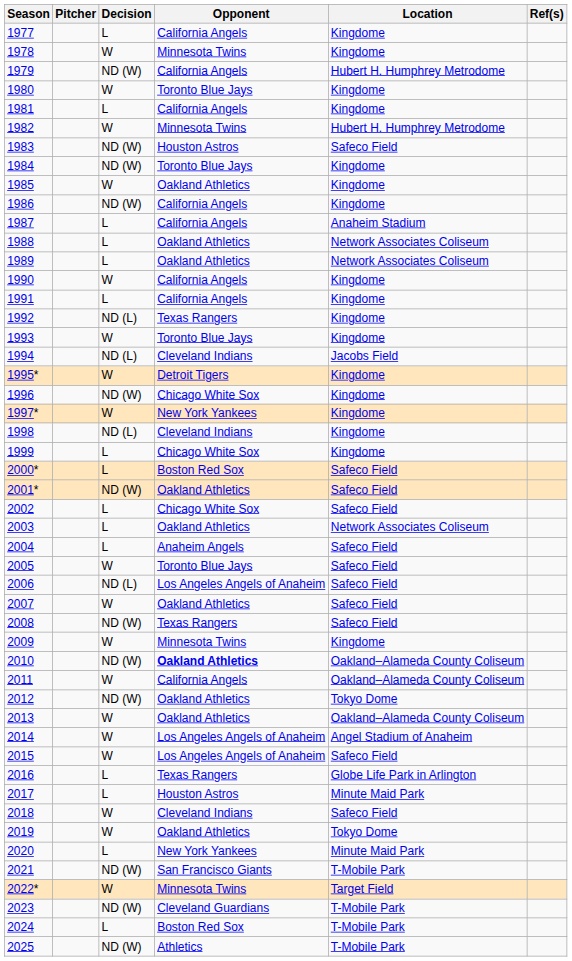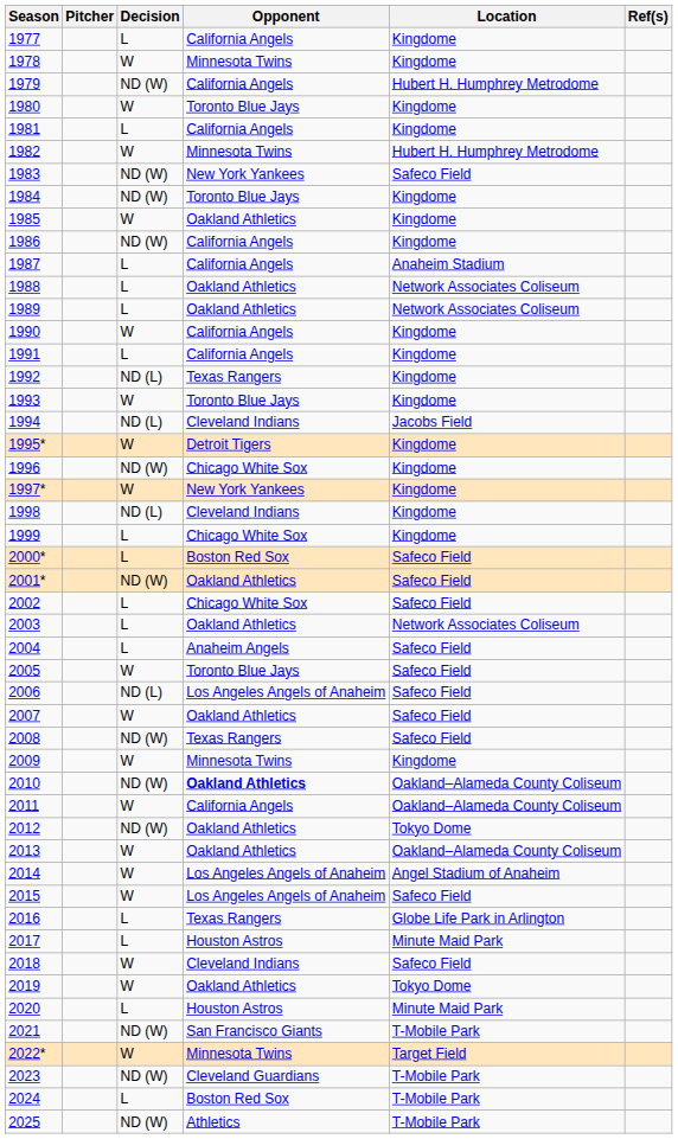 <table class="wikitable sortable plainrowheaders">
 <tr>
 <th scope="col">Season</th>
 <th scope="col">Pitcher</th>
 <th scope="col">Decision</th>
 <th scope="col">Opponent</th>
 <th scope="col">Location</th>
 <th class="unsortable">Ref(s)</th>
 </tr>
 <tr>
 <td><a href='#'>1977</a></td>
 <td></td>
 <td>L</td>
 <td><a href='#'>California Angels</a></td>
 <td><a href='#'>Kingdome</a></td>
 <td align="center"></td>
 </tr>
 <tr>
 <td><a href='#'>1978</a></td>
 <td></td>
 <td>W</td>
 <td><a href='#'>Minnesota Twins</a></td>
 <td><a href='#'>Kingdome</a></td>
 <td align="center"></td>
 </tr>
 <tr>
 <td><a href='#'>1979</a></td>
 <td> </td>
 <td>ND (W)</td>
 <td><a href='#'>California Angels</a></td>
 <td><a href='#'>Hubert H. Humphrey Metrodome</a></td>
 <td align="center"></td>
 </tr>
 <tr>
 <td><a href='#'>1980</a></td>
 <td></td>
 <td>W</td>
 <td><a href='#'>Toronto Blue Jays</a></td>
 <td><a href='#'>Kingdome</a></td>
 <td align="center"></td>
 </tr>
 <tr>
 <td><a href='#'>1981</a></td>
 <td> </td>
 <td>L</td>
 <td><a href='#'>California Angels</a></td>
 <td><a href='#'>Kingdome</a></td>
 <td align="center"></td>
 </tr>
 <tr>
 <td><a href='#'>1982</a></td>
 <td></td>
 <td>W</td>
 <td><a href='#'>Minnesota Twins</a></td>
 <td><a href='#'>Hubert H. Humphrey Metrodome</a></td>
 <td align="center"></td>
 </tr>
 <tr>
 <td><a href='#'>1983</a></td>
 <td></td>
 <td>ND (W)</td>
-<td><a href='#'>Houston Astros</a></td>
+<td><a href='#'>New York Yankees</a></td>
 <td><a href='#'>Safeco Field</a></td>
 <td align="center"></td>
 </tr>
 <tr>
 <td><a href='#'>1984</a></td>
 <td></td>
 <td>ND (W)</td>
 <td><a href='#'>Toronto Blue Jays</a></td>
 <td><a href='#'>Kingdome</a></td>
 <td align="center"></td>
 </tr>
 <tr>
 <td><a href='#'>1985</a></td>
 <td> </td>
 <td>W</td>
 <td><a href='#'>Oakland Athletics</a></td>
 <td><a href='#'>Kingdome</a></td>
 <td align="center"></td>
 </tr>
 <tr>
 <td><a href='#'>1986</a></td>
 <td> </td>
 <td>ND (W)</td>
 <td><a href='#'>California Angels</a></td>
 <td><a href='#'>Kingdome</a></td>
 <td align="center"></td>
 </tr>
 <tr>
 <td><a href='#'>1987</a></td>
 <td></td>
 <td>L</td>
 <td><a href='#'>California Angels</a></td>
 <td><a href='#'>Anaheim Stadium</a></td>
 <td align="center"></td>
 </tr>
 <tr>
 <td><a href='#'>1988</a></td>
 <td> </td>
 <td>L</td>
 <td><a href='#'>Oakland Athletics</a></td>
 <td><a href='#'>Network Associates Coliseum</a></td>
 <td align="center"></td>
 </tr>
 <tr>
 <td><a href='#'>1989</a></td>
 <td> </td>
 <td>L</td>
 <td><a href='#'>Oakland Athletics</a></td>
 <td><a href='#'>Network Associates Coliseum</a></td>
 <td align="center"></td>
 </tr>
 <tr>
 <td><a href='#'>1990</a></td>
 <td></td>
 <td>W</td>
 <td><a href='#'>California Angels</a></td>
 <td><a href='#'>Kingdome</a></td>
 <td align="center"></td>
 </tr>
 <tr>
 <td><a href='#'>1991</a></td>
 <td></td>
 <td>L</td>
 <td><a href='#'>California Angels</a></td>
 <td><a href='#'>Kingdome</a></td>
 <td align="center"></td>
 </tr>
 <tr>
 <td><a href='#'>1992</a></td>
 <td></td>
 <td>ND (L)</td>
 <td><a href='#'>Texas Rangers</a></td>
 <td><a href='#'>Kingdome</a></td>
 <td align="center"></td>
 </tr>
 <tr>
 <td><a href='#'>1993</a></td>
 <td> </td>
 <td>W</td>
 <td><a href='#'>Toronto Blue Jays</a></td>
 <td><a href='#'>Kingdome</a></td>
 <td align="center"></td>
 </tr>
 <tr>
 <td><a href='#'>1994</a></td>
 <td> </td>
 <td>ND (L)</td>
 <td><a href='#'>Cleveland Indians</a></td>
 <td><a href='#'>Jacobs Field</a></td>
 <td align="center"></td>
 </tr>
 <tr>
 <td style="background-color: #FFE6BD"><a href='#'>1995</a>*</td>
 <td style="background-color: #FFE6BD"> </td>
 <td style="background-color: #FFE6BD">W</td>
 <td style="background-color: #FFE6BD"><a href='#'>Detroit Tigers</a></td>
 <td style="background-color: #FFE6BD"><a href='#'>Kingdome</a></td>
 <td style="background-color: #FFE6BD" align="center"></td>
 </tr>
 <tr>
 <td><a href='#'>1996</a></td>
 <td> </td>
 <td>ND (W)</td>
 <td><a href='#'>Chicago White Sox</a></td>
 <td><a href='#'>Kingdome</a></td>
 <td align="center"></td>
 </tr>
 <tr>
 <td style="background-color: #FFE6BD"><a href='#'>1997</a>*</td>
 <td style="background-color: #FFE6BD"></td>
 <td style="background-color: #FFE6BD">W</td>
 <td style="background-color: #FFE6BD"><a href='#'>New York Yankees</a></td>
 <td style="background-color: #FFE6BD"><a href='#'>Kingdome</a></td>
 <td style="background-color: #FFE6BD" align="center"></td>
 </tr>
 <tr>
 <td><a href='#'>1998</a></td>
 <td> </td>
 <td>ND (L)</td>
 <td><a href='#'>Cleveland Indians</a></td>
 <td><a href='#'>Kingdome</a></td>
 <td align="center"></td>
 </tr>
 <tr>
 <td><a href='#'>1999</a></td>
 <td> </td>
 <td>L</td>
 <td><a href='#'>Chicago White Sox</a></td>
 <td><a href='#'>Kingdome</a></td>
 <td align="center"></td>
 </tr>
 <tr>
 <td style="background-color: #FFE6BD"><a href='#'>2000</a>*</td>
 <td style="background-color: #FFE6BD"></td>
 <td style="background-color: #FFE6BD">L</td>
 <td style="background-color: #FFE6BD"><a href='#'>Boston Red Sox</a></td>
 <td style="background-color: #FFE6BD"><a href='#'>Safeco Field</a></td>
 <td style="background-color: #FFE6BD" align="center"></td>
 </tr>
 <tr>
 <td style="background-color: #FFE6BD"><a href='#'>2001</a>*</td>
 <td style="background-color: #FFE6BD"></td>
 <td style="background-color: #FFE6BD">ND (W)</td>
 <td style="background-color: #FFE6BD"><a href='#'>Oakland Athletics</a></td>
 <td style="background-color: #FFE6BD"><a href='#'>Safeco Field</a></td>
 <td style="background-color: #FFE6BD" align="center"></td>
 </tr>
 <tr>
 <td><a href='#'>2002</a></td>
 <td> </td>
 <td>L</td>
 <td><a href='#'>Chicago White Sox</a></td>
 <td><a href='#'>Safeco Field</a></td>
 <td align="center"></td>
 </tr>
 <tr>
 <td><a href='#'>2003</a></td>
 <td> </td>
 <td>L</td>
 <td><a href='#'>Oakland Athletics</a></td>
 <td><a href='#'>Network Associates Coliseum</a></td>
 <td align="center"></td>
 </tr>
 <tr>
 <td><a href='#'>2004</a></td>
 <td> </td>
 <td>L</td>
 <td><a href='#'>Anaheim Angels</a></td>
 <td><a href='#'>Safeco Field</a></td>
 <td align="center"></td>
 </tr>
 <tr>
 <td><a href='#'>2005</a></td>
 <td> </td>
 <td>W</td>
 <td><a href='#'>Toronto Blue Jays</a></td>
 <td><a href='#'>Safeco Field</a></td>
 <td align="center"></td>
 </tr>
 <tr>
 <td><a href='#'>2006</a></td>
 <td> </td>
 <td>ND (L)</td>
 <td><a href='#'>Los Angeles Angels of Anaheim</a></td>
 <td><a href='#'>Safeco Field</a></td>
 <td align="center"></td>
 </tr>
 <tr>
 <td><a href='#'>2007</a></td>
 <td></td>
 <td>W</td>
 <td><a href='#'>Oakland Athletics</a></td>
 <td><a href='#'>Safeco Field</a></td>
 <td align="center"></td>
 </tr>
 <tr>
 <td><a href='#'>2008</a></td>
 <td></td>
 <td>ND (W)</td>
 <td><a href='#'>Texas Rangers</a></td>
 <td><a href='#'>Safeco Field</a></td>
 <td align="center"></td>
 </tr>
 <tr>
 <td><a href='#'>2009</a></td>
 <td> </td>
 <td>W</td>
 <td><a href='#'>Minnesota Twins</a></td>
 <td><a href='#'>Kingdome</a></td>
 <td align="center"></td>
 </tr>
 <tr>
 <td><a href='#'>2010</a></td>
 <td> </td>
 <td>ND (W)</td>
 <td><strong><a href='#'>Oakland Athletics</a></strong></td>
 <td><a href='#'>Oakland–Alameda County Coliseum</a></td>
 <td align="center"></td>
 </tr>
 <tr>
 <td><a href='#'>2011</a></td>
 <td> </td>
 <td>W</td>
 <td><a href='#'>California Angels</a></td>
 <td><a href='#'>Oakland–Alameda County Coliseum</a></td>
 <td align="center"></td>
 </tr>
 <tr>
 <td><a href='#'>2012</a></td>
 <td> </td>
 <td>ND (W)</td>
 <td><a href='#'>Oakland Athletics</a></td>
 <td><a href='#'>Tokyo Dome</a></td>
 <td align="center"></td>
 </tr>
 <tr>
 <td><a href='#'>2013</a></td>
 <td> </td>
 <td>W</td>
 <td><a href='#'>Oakland Athletics</a></td>
 <td><a href='#'>Oakland–Alameda County Coliseum</a></td>
 <td align="center"></td>
 </tr>
 <tr>
 <td><a href='#'>2014</a></td>
 <td> </td>
 <td>W</td>
 <td><a href='#'>Los Angeles Angels of Anaheim</a></td>
 <td><a href='#'>Angel Stadium of Anaheim</a></td>
 <td align="center"></td>
 </tr>
 <tr>
 <td><a href='#'>2015</a></td>
 <td> </td>
 <td>W</td>
 <td><a href='#'>Los Angeles Angels of Anaheim</a></td>
 <td><a href='#'>Safeco Field</a></td>
 <td align="center"></td>
 </tr>
 <tr>
 <td><a href='#'>2016</a></td>
 <td> </td>
 <td>L</td>
 <td><a href='#'>Texas Rangers</a></td>
 <td><a href='#'>Globe Life Park in Arlington</a></td>
 <td align="center"></td>
 </tr>
 <tr>
 <td><a href='#'>2017</a></td>
 <td> </td>
 <td>L</td>
 <td><a href='#'>Houston Astros</a></td>
 <td><a href='#'>Minute Maid Park</a></td>
 <td align="center"></td>
 </tr>
 <tr>
 <td><a href='#'>2018</a></td>
 <td> </td>
 <td>W</td>
 <td><a href='#'>Cleveland Indians</a></td>
 <td><a href='#'>Safeco Field</a></td>
 <td align="center"></td>
 </tr>
 <tr>
 <td><a href='#'>2019</a></td>
 <td></td>
 <td>W</td>
 <td><a href='#'>Oakland Athletics</a></td>
 <td><a href='#'>Tokyo Dome</a></td>
 <td align="center"></td>
 </tr>
 <tr>
 <td><a href='#'>2020</a></td>
 <td> </td>
 <td>L</td>
-<td><a href='#'>New York Yankees</a></td>
+<td><a href='#'>Houston Astros</a></td>
 <td><a href='#'>Minute Maid Park</a></td>
 <td align="center"></td>
 </tr>
 <tr>
 <td><a href='#'>2021</a></td>
 <td> </td>
 <td>ND (W)</td>
 <td><a href='#'>San Francisco Giants</a></td>
 <td><a href='#'>T-Mobile Park</a></td>
 <td align="center"></td>
 </tr>
 <tr>
 <td style="background-color: #FFE6BD"><a href='#'>2022</a>*</td>
 <td style="background-color: #FFE6BD"></td>
 <td style="background-color: #FFE6BD">W</td>
 <td style="background-color: #FFE6BD"><a href='#'>Minnesota Twins</a></td>
 <td style="background-color: #FFE6BD"><a href='#'>Target Field</a></td>
 <td style="background-color: #FFE6BD" align="center"></td>
 </tr>
 <tr>
 <td><a href='#'>2023</a></td>
 <td></td>
 <td>ND (W)</td>
 <td><a href='#'>Cleveland Guardians</a></td>
 <td><a href='#'>T-Mobile Park</a></td>
 <td align="center"></td>
 </tr>
 <tr>
 <td><a href='#'>2024</a></td>
 <td> </td>
 <td>L</td>
 <td><a href='#'>Boston Red Sox</a></td>
 <td><a href='#'>T-Mobile Park</a></td>
 <td align="center"></td>
 </tr>
 <tr>
 <td><a href='#'>2025</a></td>
 <td></td>
 <td>ND (W)</td>
 <td><a href='#'>Athletics</a></td>
 <td><a href='#'>T-Mobile Park</a></td>
 <td align="center"></td>
 </tr>
 </table>
